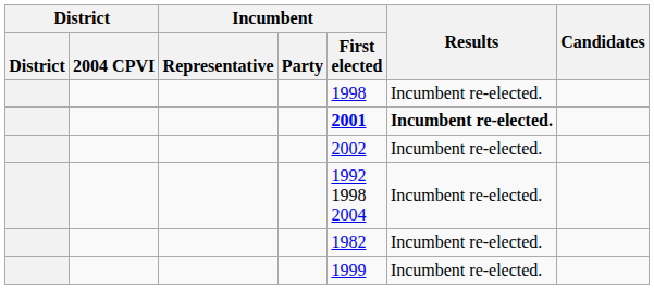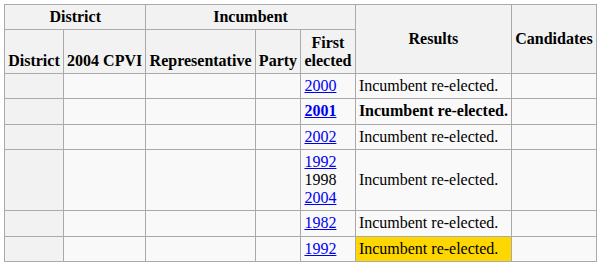 <table class="wikitable sortable">
 <tr>
 <th colspan=2>District</th>
 <th colspan=3>Incumbent</th>
 <th rowspan=2>Results</th>
 <th rowspan=2>Candidates</th>
 </tr>
 <tr valign=bottom>
 <th>District</th>
 <th>2004 CPVI</th>
 <th>Representative</th>
 <th>Party</th>
 <th>First<br>elected</th>
 </tr>
 <tr>
 <th></th>
 <td></td>
 <td></td>
 <td></td>
-<td><a href='#'>1998</a></td>
+<td><a href='#'>2000</a></td>
 <td>Incumbent re-elected.</td>
 <td nowrap></td>
 </tr>
 <tr>
 <th></th>
 <td></td>
 <td></td>
 <td></td>
 <td><strong><a href='#'>2001 </a></strong></td>
 <td><strong>Incumbent re-elected.</strong></td>
 <td nowrap></td>
 </tr>
 <tr>
 <th></th>
 <td></td>
 <td></td>
 <td></td>
 <td><a href='#'>2002</a></td>
 <td>Incumbent re-elected.</td>
 <td nowrap></td>
 </tr>
 <tr>
 <th></th>
 <td></td>
 <td></td>
 <td></td>
 <td><a href='#'>1992</a><br>1998 <br><a href='#'>2004</a></td>
 <td>Incumbent re-elected.</td>
 <td nowrap></td>
 </tr>
 <tr>
 <th></th>
 <td></td>
 <td></td>
 <td></td>
 <td><a href='#'>1982</a></td>
 <td>Incumbent re-elected.</td>
 <td nowrap></td>
 </tr>
 <tr>
 <th></th>
 <td></td>
 <td></td>
 <td></td>
-<td><a href='#'>1999</a></td>
-<td>Incumbent re-elected.</td>
+<td><a href='#'>1992</a></td>
+<td style="background: gold;">Incumbent re-elected.</td>
 <td nowrap></td>
 </tr>
 </table>
